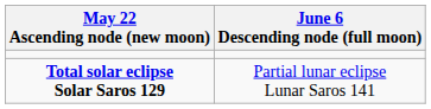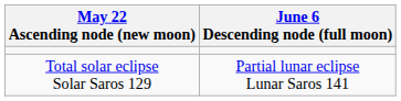 <table class="wikitable">
 <tr>
 <th><a href='#'>May 22</a><br>Ascending node (new moon)<br></th>
 <th><a href='#'>June 6</a><br>Descending node (full moon)<br></th>
 </tr>
 <tr>
 <td></td>
 <td></td>
 </tr>
 <tr align=center>
-<td><strong><a href='#'>Total solar eclipse</a><br>Solar Saros 129</strong></td>
+<td><a href='#'>Total solar eclipse</a><br>Solar Saros 129</td>
 <td><a href='#'>Partial lunar eclipse</a><br>Lunar Saros 141</td>
 </tr>
 </table>
